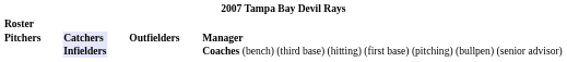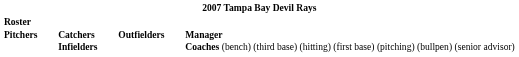 <table class="toccolours" style="font-size: 95%;">
 <tr>
 <th colspan="10">2007 Tampa Bay Devil Rays</th>
 </tr>
 <tr>
 <td colspan="10"><strong>Roster</strong></td>
 </tr>
 <tr>
 <td valign="top"><strong>Pitchers</strong><br>                      </td>
 <td style="width:25px;"></td>
-<td valign="top" style="background: lavender;"><strong>Catchers</strong><br>    <strong>Infielders</strong>         </td>
+<td valign="top"><strong>Catchers</strong><br>    <strong>Infielders</strong>         </td>
 <td style="width:25px;"></td>
 <td valign="top"><strong>Outfielders</strong><br>        </td>
 <td style="width:25px;"></td>
 <td valign="top"><strong>Manager</strong><br> <strong>Coaches</strong>  (bench)  (third base)  (hitting)  (first base)  (pitching)  (bullpen)  (senior advisor)</td>
 </tr>
 </table>
